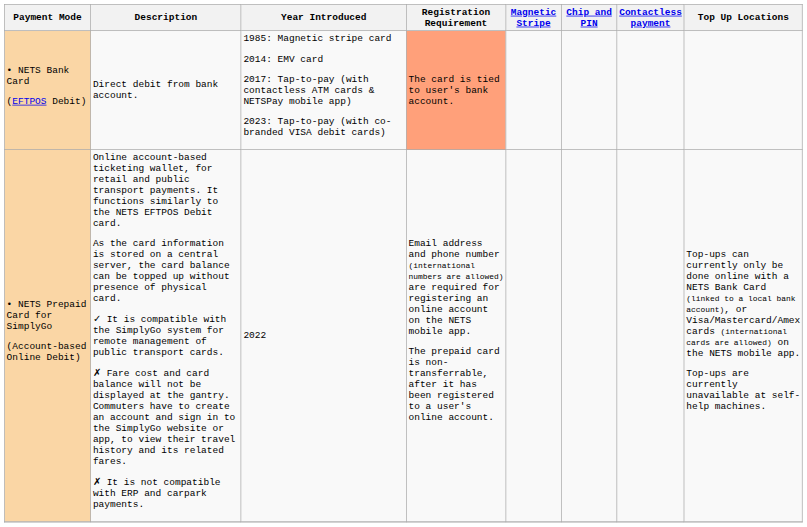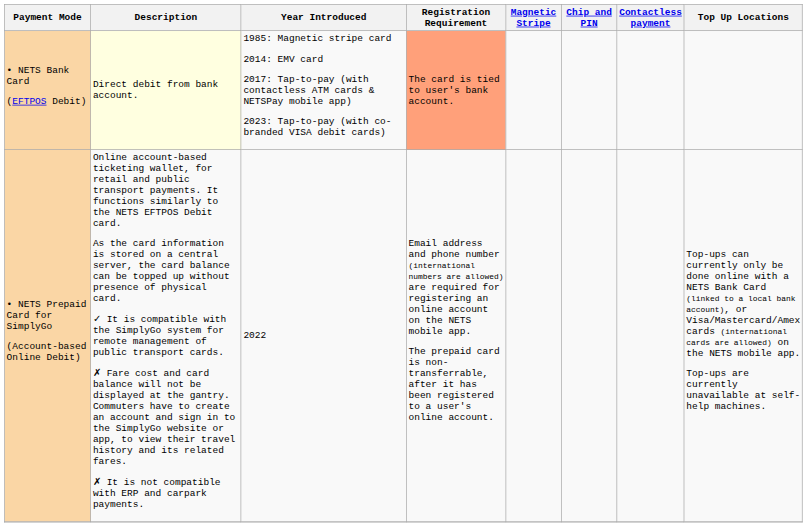 <table class="wikitable" style="text-align: left;">
 <tr>
 <th scope="col" style="width: 112px;">Payment Mode</th>
 <th scope="col" style="width: 200px;">Description</th>
 <th scope="col" style="width: 220px;">Year Introduced</th>
 <th scope="col" style="width: 130px;">Registration Requirement</th>
 <th scope="col" style="width: 70px;"><a href='#'>Magnetic Stripe</a></th>
 <th scope="col" style="width: 70px;"><a href='#'>Chip and PIN</a></th>
 <th scope="col" style="width: 70px;"><a href='#'>Contactless payment</a></th>
 <th scope="col" style="width: 70px;">Top Up Locations</th>
 </tr>
 <tr>
 <td style="background:#fad6a5;">• NETS Bank Card <p> (<a href='#'>EFTPOS</a> Debit)</p></td>
-<td>Direct debit from bank account.</td>
+<td style="background: lightyellow;">Direct debit from bank account.</td>
 <td>1985: Magnetic stripe card <p> 2014: EMV card </p><p> 2017: Tap-to-pay (with contactless ATM cards & NETSPay mobile app) </p><p> 2023: Tap-to-pay (with co-branded VISA debit cards) </p></td>
 <td style="background: lightsalmon;">The card is tied to user's bank account.</td>
 <td></td>
 <td></td>
 <td></td>
 <td></td>
 </tr>
 <tr>
 <td style="background:#fad6a5;">• NETS Prepaid Card for SimplyGo <p> (Account-based Online Debit)</p></td>
 <td>Online account-based ticketing wallet, for retail and public transport payments. It functions similarly to the NETS EFTPOS Debit card. <p> As the card information is stored on a central server, the card balance can be topped up without presence of physical card.</p> <p>✓ It is compatible with the SimplyGo system for remote management of public transport cards.</p> <p>✗ Fare cost and card balance will not be displayed at the gantry. Commuters have to create an account and sign in to the SimplyGo website or app, to view their travel history and its related fares.</p> <p>✗ It is not compatible with ERP and carpark payments.</p></td>
 <td>2022</td>
 <td>Email address and phone number <small>(international numbers are allowed)</small> are required for registering an online account on the NETS mobile app. <p> The prepaid card is non-transferrable, after it has been registered to a user's online account.</p></td>
 <td></td>
 <td></td>
 <td></td>
 <td>Top-ups can currently only be done online with a NETS Bank Card <small>(linked to a local bank account)</small>, or Visa/Mastercard/Amex cards <small>(international cards are allowed)</small> on the NETS mobile app. <p> Top-ups are currently unavailable at self-help machines.</p></td>
 </tr>
 <tr>
 </tr>
 </table>
